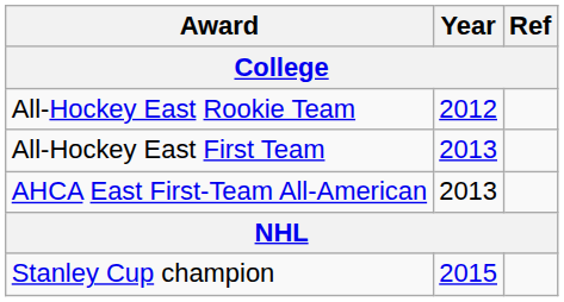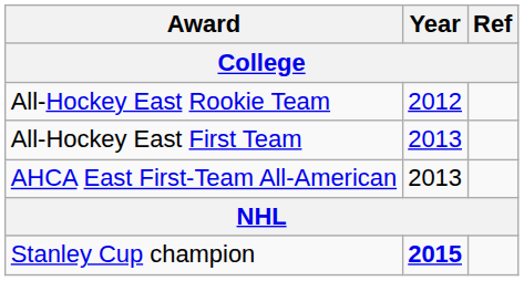 <table class="wikitable">
 <tr>
 <th>Award</th>
 <th>Year</th>
 <th>Ref</th>
 </tr>
 <tr>
 <th colspan="3"><a href='#'>College</a></th>
 </tr>
 <tr>
 <td>All-<a href='#'>Hockey East</a> <a href='#'>Rookie Team</a></td>
 <td><a href='#'>2012</a></td>
 <td></td>
 </tr>
 <tr>
 <td>All-Hockey East <a href='#'>First Team</a></td>
 <td><a href='#'>2013</a></td>
 <td></td>
 </tr>
 <tr>
 <td><a href='#'>AHCA</a> <a href='#'>East First-Team All-American</a></td>
 <td>2013</td>
 <td></td>
 </tr>
 <tr>
 <th colspan="3"><a href='#'>NHL</a></th>
 </tr>
 <tr>
 <td><a href='#'>Stanley Cup</a> champion</td>
-<td><a href='#'>2015</a></td>
+<td><strong><a href='#'>2015</a></strong></td>
 <td></td>
 </tr>
 </table>
